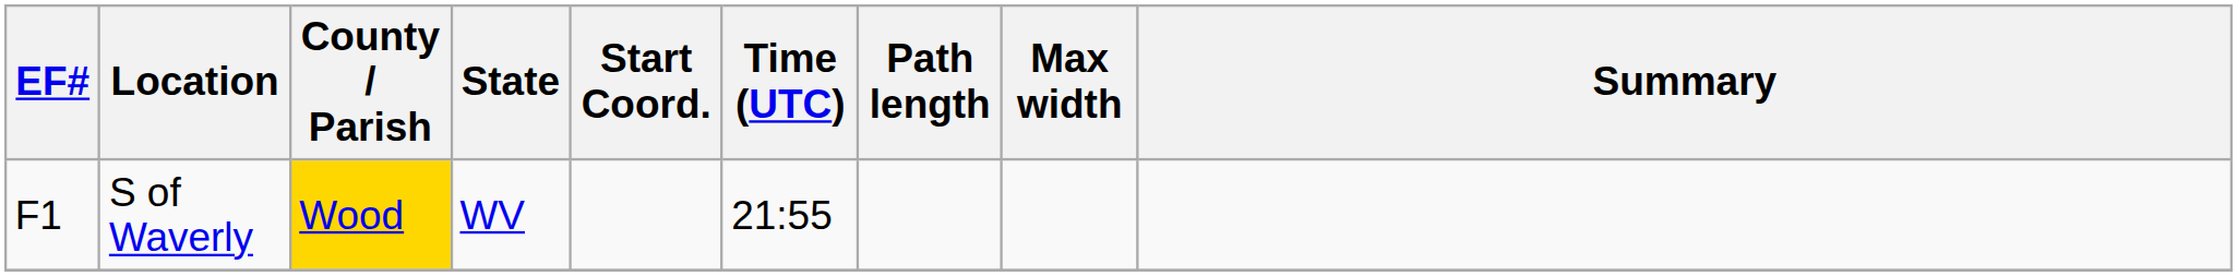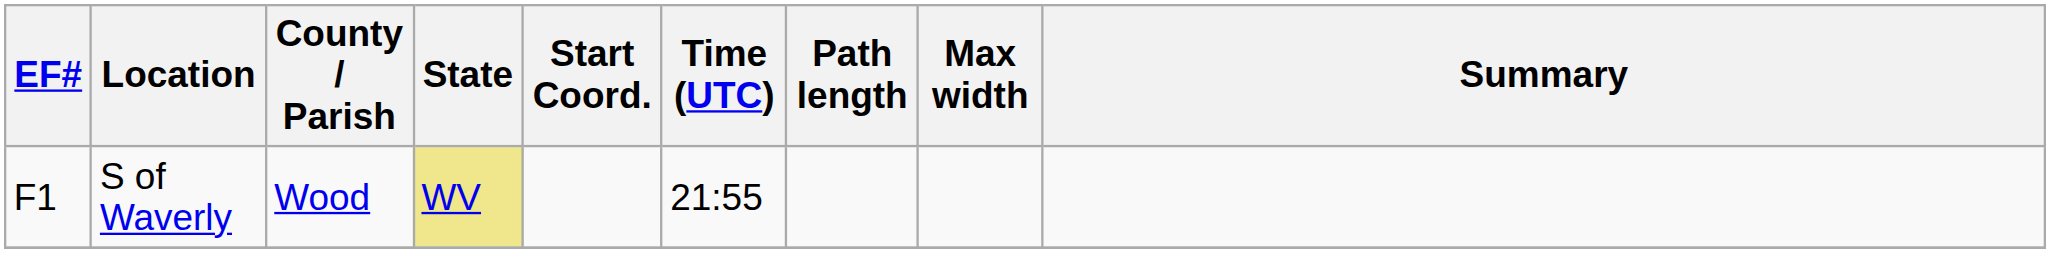 <table class="wikitable sortable" style="width:100%;">
 <tr>
 <th scope="col"  style="width:3%; text-align:center;"><a href='#'>EF#</a></th>
 <th scope="col"  style="width:7%; text-align:center;" class="unsortable">Location</th>
 <th scope="col"  style="width:6%; text-align:center;" class="unsortable">County / Parish</th>
 <th scope="col"  style="width:5%; text-align:center;">State</th>
 <th scope="col"  style="width:6%; text-align:center;">Start Coord.</th>
 <th scope="col"  style="width:6%; text-align:center;">Time (<a href='#'>UTC</a>)</th>
 <th scope="col"  style="width:6%; text-align:center;">Path length</th>
 <th scope="col"  style="width:6%; text-align:center;">Max width</th>
 <th scope="col" class="unsortable" style="width:48%; text-align:center;">Summary</th>
 </tr>
 <tr>
 <td bgcolor=>F1</td>
 <td>S of <a href='#'>Waverly</a></td>
-<td style="background: gold;"><a href='#'>Wood</a></td>
-<td><a href='#'>WV</a></td>
+<td><a href='#'>Wood</a></td>
+<td style="background: khaki;"><a href='#'>WV</a></td>
 <td></td>
 <td>21:55</td>
 <td></td>
 <td></td>
 <td></td>
 </tr>
 <tr>
 </tr>
 </table>
